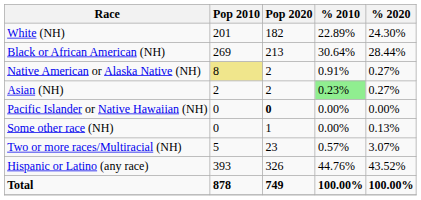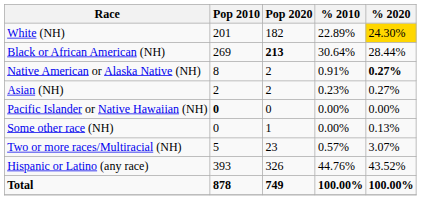 <table class="wikitable">
 <tr>
 <th>Race</th>
 <th>Pop 2010</th>
 <th>Pop 2020</th>
 <th>% 2010</th>
 <th>% 2020</th>
 </tr>
 <tr>
 <td><a href='#'>White</a> (NH)</td>
 <td>201</td>
 <td>182</td>
 <td>22.89%</td>
-<td>24.30%</td>
+<td style="background: gold;">24.30%</td>
 </tr>
 <tr>
 <td><a href='#'>Black or African American</a> (NH)</td>
 <td>269</td>
-<td>213</td>
+<td><strong>213</strong></td>
 <td>30.64%</td>
 <td>28.44%</td>
 </tr>
 <tr>
 <td><a href='#'>Native American</a> or <a href='#'>Alaska Native</a> (NH)</td>
-<td style="background: khaki;">8</td>
+<td>8</td>
 <td>2</td>
 <td>0.91%</td>
-<td>0.27%</td>
+<td><strong>0.27%</strong></td>
 </tr>
 <tr>
 <td><a href='#'>Asian</a> (NH)</td>
 <td>2</td>
 <td>2</td>
-<td style="background: lightgreen;">0.23%</td>
+<td>0.23%</td>
 <td>0.27%</td>
 </tr>
 <tr>
 <td><a href='#'>Pacific Islander</a> or <a href='#'>Native Hawaiian</a> (NH)</td>
+<td><strong>0</strong></td>
 <td>0</td>
-<td><strong>0</strong></td>
 <td>0.00%</td>
 <td>0.00%</td>
 </tr>
 <tr>
 <td><a href='#'>Some other race</a> (NH)</td>
 <td>0</td>
 <td>1</td>
 <td>0.00%</td>
 <td>0.13%</td>
 </tr>
 <tr>
 <td><a href='#'>Two or more races/Multiracial</a> (NH)</td>
 <td>5</td>
 <td>23</td>
 <td>0.57%</td>
 <td>3.07%</td>
 </tr>
 <tr>
 <td><a href='#'>Hispanic or Latino</a> (any race)</td>
 <td>393</td>
 <td>326</td>
 <td>44.76%</td>
 <td>43.52%</td>
 </tr>
 <tr>
 <td><strong>Total</strong></td>
 <td><strong>878</strong></td>
 <td><strong>749</strong></td>
 <td><strong>100.00%</strong></td>
 <td><strong>100.00%</strong></td>
 </tr>
 <tr>
 </tr>
 </table>
